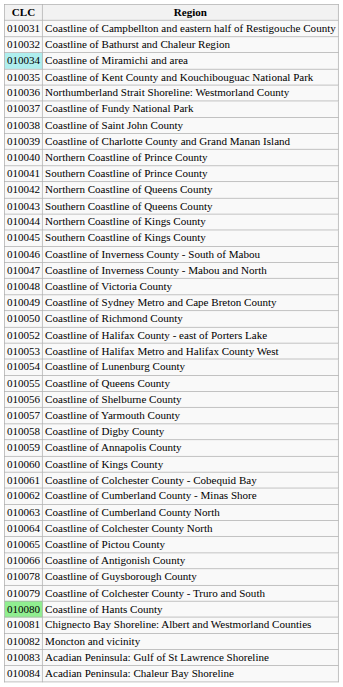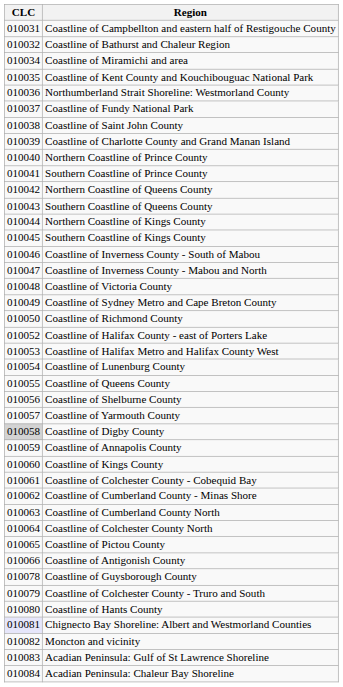 <table class="wikitable" style="line-height: 100%;">
 <tr>
 <th>CLC</th>
 <th>Region</th>
 </tr>
 <tr>
 <td>010031</td>
 <td>Coastline of Campbellton and eastern half of Restigouche County</td>
 </tr>
 <tr>
 <td>010032</td>
 <td>Coastline of Bathurst and Chaleur Region</td>
 </tr>
 <tr>
-<td style="background: paleturquoise;">010034</td>
+<td>010034</td>
 <td>Coastline of Miramichi and area</td>
 </tr>
 <tr>
 <td>010035</td>
 <td>Coastline of Kent County and Kouchibouguac National Park</td>
 </tr>
 <tr>
 <td>010036</td>
 <td>Northumberland Strait Shoreline: Westmorland County</td>
 </tr>
 <tr>
 <td>010037</td>
 <td>Coastline of Fundy National Park</td>
 </tr>
 <tr>
 <td>010038</td>
 <td>Coastline of Saint John County</td>
 </tr>
 <tr>
 <td>010039</td>
 <td>Coastline of Charlotte County and Grand Manan Island</td>
 </tr>
 <tr>
 <td>010040</td>
 <td>Northern Coastline of Prince County</td>
 </tr>
 <tr>
 <td>010041</td>
 <td>Southern Coastline of Prince County</td>
 </tr>
 <tr>
 <td>010042</td>
 <td>Northern Coastline of Queens County</td>
 </tr>
 <tr>
 <td>010043</td>
 <td>Southern Coastline of Queens County</td>
 </tr>
 <tr>
 <td>010044</td>
 <td>Northern Coastline of Kings County</td>
 </tr>
 <tr>
 <td>010045</td>
 <td>Southern Coastline of Kings County</td>
 </tr>
 <tr>
 <td>010046</td>
 <td>Coastline of Inverness County - South of Mabou</td>
 </tr>
 <tr>
 <td>010047</td>
 <td>Coastline of Inverness County - Mabou and North</td>
 </tr>
 <tr>
 <td>010048</td>
 <td>Coastline of Victoria County</td>
 </tr>
 <tr>
 <td>010049</td>
 <td>Coastline of Sydney Metro and Cape Breton County</td>
 </tr>
 <tr>
 <td>010050</td>
 <td>Coastline of Richmond County</td>
 </tr>
 <tr>
 <td>010052</td>
 <td>Coastline of Halifax County - east of Porters Lake</td>
 </tr>
 <tr>
 <td>010053</td>
 <td>Coastline of Halifax Metro and Halifax County West</td>
 </tr>
 <tr>
 <td>010054</td>
 <td>Coastline of Lunenburg County</td>
 </tr>
 <tr>
 <td>010055</td>
 <td>Coastline of Queens County</td>
 </tr>
 <tr>
 <td>010056</td>
 <td>Coastline of Shelburne County</td>
 </tr>
 <tr>
 <td>010057</td>
 <td>Coastline of Yarmouth County</td>
 </tr>
 <tr>
-<td>010058</td>
+<td style="background: lightgrey;">010058</td>
 <td>Coastline of Digby County</td>
 </tr>
 <tr>
 <td>010059</td>
 <td>Coastline of Annapolis County</td>
 </tr>
 <tr>
 <td>010060</td>
 <td>Coastline of Kings County</td>
 </tr>
 <tr>
 <td>010061</td>
 <td>Coastline of Colchester County - Cobequid Bay</td>
 </tr>
 <tr>
 <td>010062</td>
 <td>Coastline of Cumberland County - Minas Shore</td>
 </tr>
 <tr>
 <td>010063</td>
 <td>Coastline of Cumberland County North</td>
 </tr>
 <tr>
 <td>010064</td>
 <td>Coastline of Colchester County North</td>
 </tr>
 <tr>
 <td>010065</td>
 <td>Coastline of Pictou County</td>
 </tr>
 <tr>
 <td>010066</td>
 <td>Coastline of Antigonish County</td>
 </tr>
 <tr>
 <td>010078</td>
 <td>Coastline of Guysborough County</td>
 </tr>
 <tr>
 <td>010079</td>
 <td>Coastline of Colchester County - Truro and South</td>
 </tr>
 <tr>
-<td style="background: lightgreen;">010080</td>
+<td>010080</td>
 <td>Coastline of Hants County</td>
 </tr>
 <tr>
-<td>010081</td>
+<td style="background: lavender;">010081</td>
 <td>Chignecto Bay Shoreline: Albert and Westmorland Counties</td>
 </tr>
 <tr>
 <td>010082</td>
 <td>Moncton and vicinity</td>
 </tr>
 <tr>
 <td>010083</td>
 <td>Acadian Peninsula: Gulf of St Lawrence Shoreline</td>
 </tr>
 <tr>
 <td>010084</td>
 <td>Acadian Peninsula: Chaleur Bay Shoreline</td>
 </tr>
 </table>
